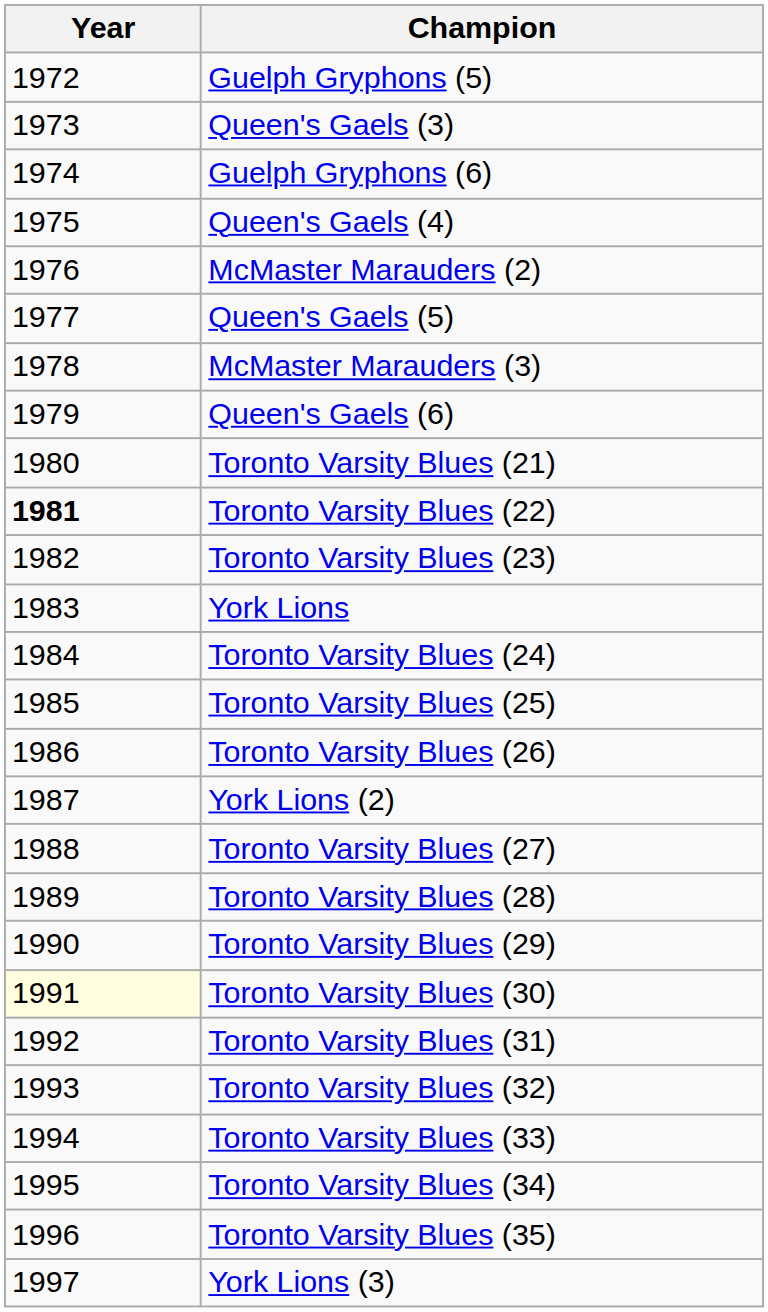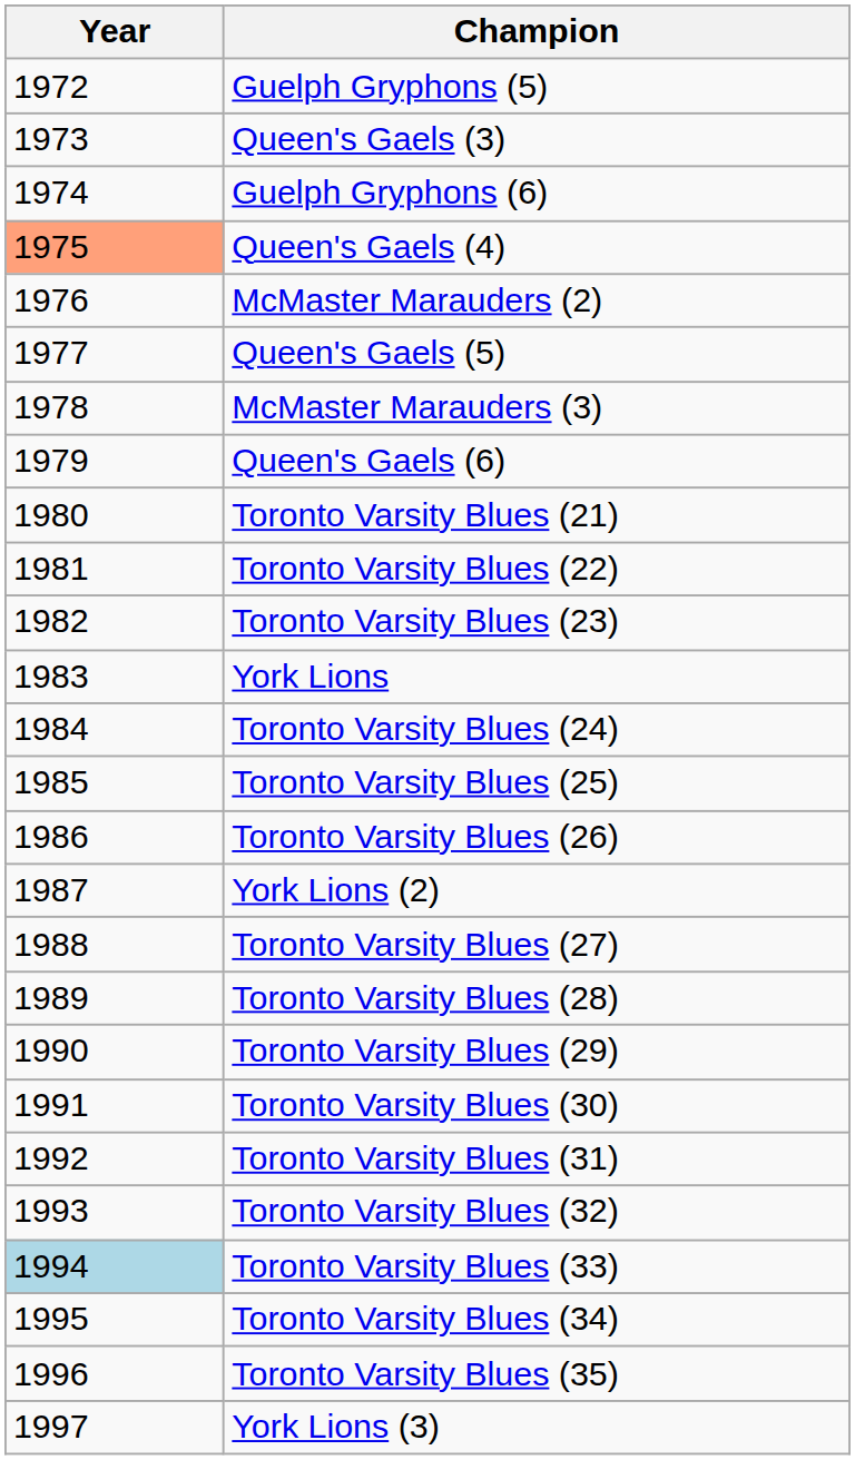 <table class="wikitable">
 <tr>
 <th>Year</th>
 <th>Champion</th>
 </tr>
 <tr>
 <td style="width:6em">1972</td>
 <td style="width:18em"><a href='#'>Guelph Gryphons</a> (5)</td>
 </tr>
 <tr>
 <td>1973</td>
 <td><a href='#'>Queen's Gaels</a> (3)</td>
 </tr>
 <tr>
 <td>1974</td>
 <td><a href='#'>Guelph Gryphons</a> (6)</td>
 </tr>
 <tr>
-<td>1975</td>
+<td style="background: lightsalmon;">1975</td>
 <td><a href='#'>Queen's Gaels</a> (4)</td>
 </tr>
 <tr>
 <td>1976</td>
 <td><a href='#'>McMaster Marauders</a> (2)</td>
 </tr>
 <tr>
 <td>1977</td>
 <td><a href='#'>Queen's Gaels</a> (5)</td>
 </tr>
 <tr>
 <td>1978</td>
 <td><a href='#'>McMaster Marauders</a> (3)</td>
 </tr>
 <tr>
 <td>1979</td>
 <td><a href='#'>Queen's Gaels</a> (6)</td>
 </tr>
 <tr>
 <td>1980</td>
 <td><a href='#'>Toronto Varsity Blues</a> (21)</td>
 </tr>
 <tr>
-<td><strong>1981</strong></td>
+<td>1981</td>
 <td><a href='#'>Toronto Varsity Blues</a> (22)</td>
 </tr>
 <tr>
 <td>1982</td>
 <td><a href='#'>Toronto Varsity Blues</a> (23)</td>
 </tr>
 <tr>
 <td>1983</td>
 <td><a href='#'>York Lions</a></td>
 </tr>
 <tr>
 <td>1984</td>
 <td><a href='#'>Toronto Varsity Blues</a> (24)</td>
 </tr>
 <tr>
 <td>1985</td>
 <td><a href='#'>Toronto Varsity Blues</a> (25)</td>
 </tr>
 <tr>
 <td>1986</td>
 <td><a href='#'>Toronto Varsity Blues</a> (26)</td>
 </tr>
 <tr>
 <td>1987</td>
 <td><a href='#'>York Lions</a> (2)</td>
 </tr>
 <tr>
 <td>1988</td>
 <td><a href='#'>Toronto Varsity Blues</a> (27)</td>
 </tr>
 <tr>
 <td>1989</td>
 <td><a href='#'>Toronto Varsity Blues</a> (28)</td>
 </tr>
 <tr>
 <td>1990</td>
 <td><a href='#'>Toronto Varsity Blues</a> (29)</td>
 </tr>
 <tr>
-<td style="background: lightyellow;">1991</td>
+<td>1991</td>
 <td><a href='#'>Toronto Varsity Blues</a> (30)</td>
 </tr>
 <tr>
 <td>1992</td>
 <td><a href='#'>Toronto Varsity Blues</a> (31)</td>
 </tr>
 <tr>
 <td>1993</td>
 <td><a href='#'>Toronto Varsity Blues</a> (32)</td>
 </tr>
 <tr>
-<td>1994</td>
+<td style="background: lightblue;">1994</td>
 <td><a href='#'>Toronto Varsity Blues</a> (33)</td>
 </tr>
 <tr>
 <td>1995</td>
 <td><a href='#'>Toronto Varsity Blues</a> (34)</td>
 </tr>
 <tr>
 <td>1996</td>
 <td><a href='#'>Toronto Varsity Blues</a> (35)</td>
 </tr>
 <tr>
 <td>1997</td>
 <td><a href='#'>York Lions</a> (3)</td>
 </tr>
 </table>
